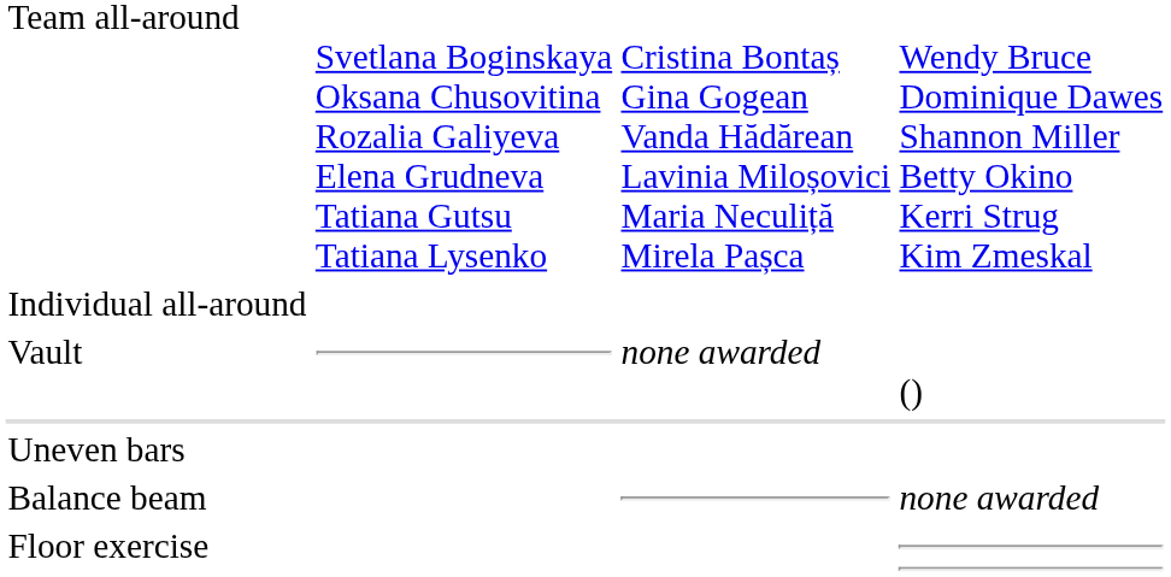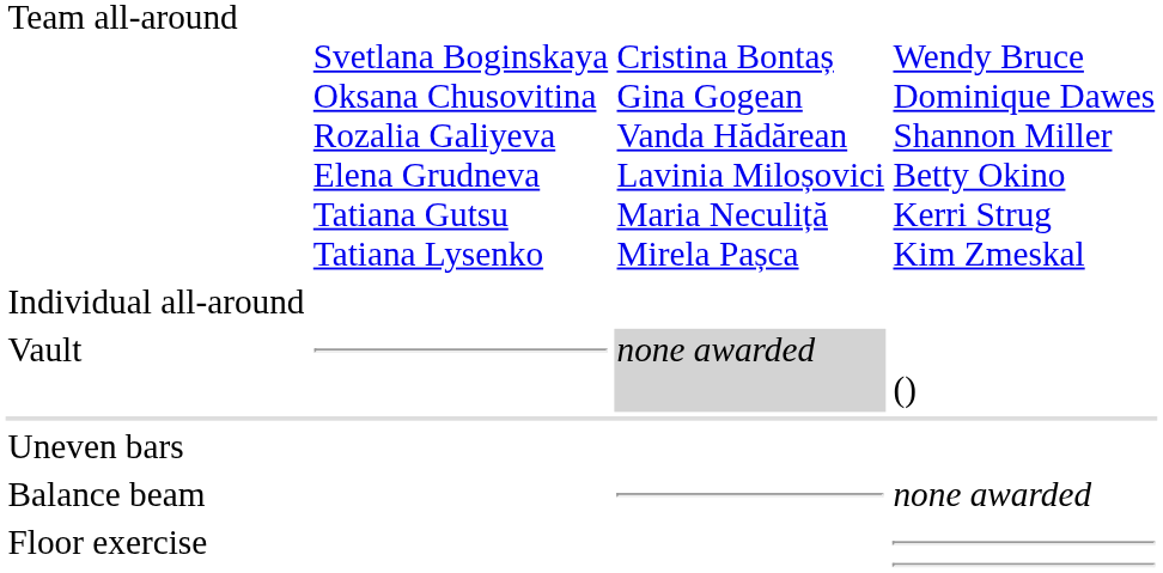 <table>
 <tr valign="top">
 <td>Team all-around<br></td>
 <td><br><a href='#'>Svetlana Boginskaya</a><br><a href='#'>Oksana Chusovitina</a><br><a href='#'>Rozalia Galiyeva</a><br><a href='#'>Elena Grudneva</a><br><a href='#'>Tatiana Gutsu</a><br><a href='#'>Tatiana Lysenko</a></td>
 <td><br><a href='#'>Cristina Bontaș</a><br><a href='#'>Gina Gogean</a><br><a href='#'>Vanda Hădărean</a><br><a href='#'>Lavinia Miloșovici</a><br><a href='#'>Maria Neculiță</a><br><a href='#'>Mirela Pașca</a></td>
 <td><br><a href='#'>Wendy Bruce</a><br><a href='#'>Dominique Dawes</a><br><a href='#'>Shannon Miller</a><br><a href='#'>Betty Okino</a><br><a href='#'>Kerri Strug</a><br><a href='#'>Kim Zmeskal</a></td>
 </tr>
 <tr valign="top">
 <td>Individual all-around<br></td>
 <td></td>
 <td></td>
 <td></td>
 </tr>
 <tr valign="top">
 <td>Vault<br></td>
 <td><hr></td>
-<td><em>none awarded</em></td>
+<td style="background: lightgrey;"><em>none awarded</em></td>
 <td><br>()</td>
 </tr>
 <tr bgcolor=#DDDDDD>
 <td colspan=7></td>
 </tr>
 <tr valign="top">
 <td>Uneven bars<br></td>
 <td></td>
 <td></td>
 <td></td>
 </tr>
 <tr valign="top">
 <td>Balance beam<br></td>
 <td></td>
 <td><hr></td>
 <td><em>none awarded</em></td>
 </tr>
 <tr valign="top">
 <td>Floor exercise<br></td>
 <td></td>
 <td></td>
 <td><hr><hr></td>
 </tr>
 <tr>
 </tr>
 </table>
